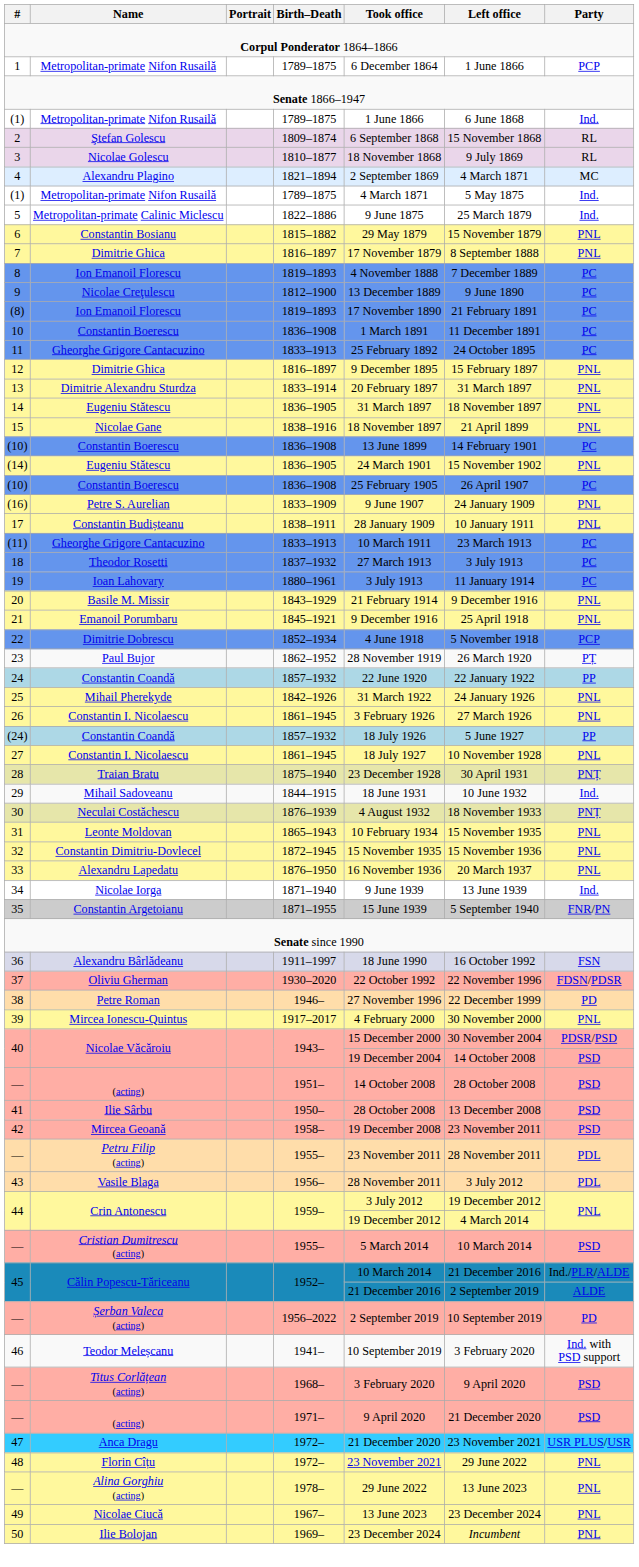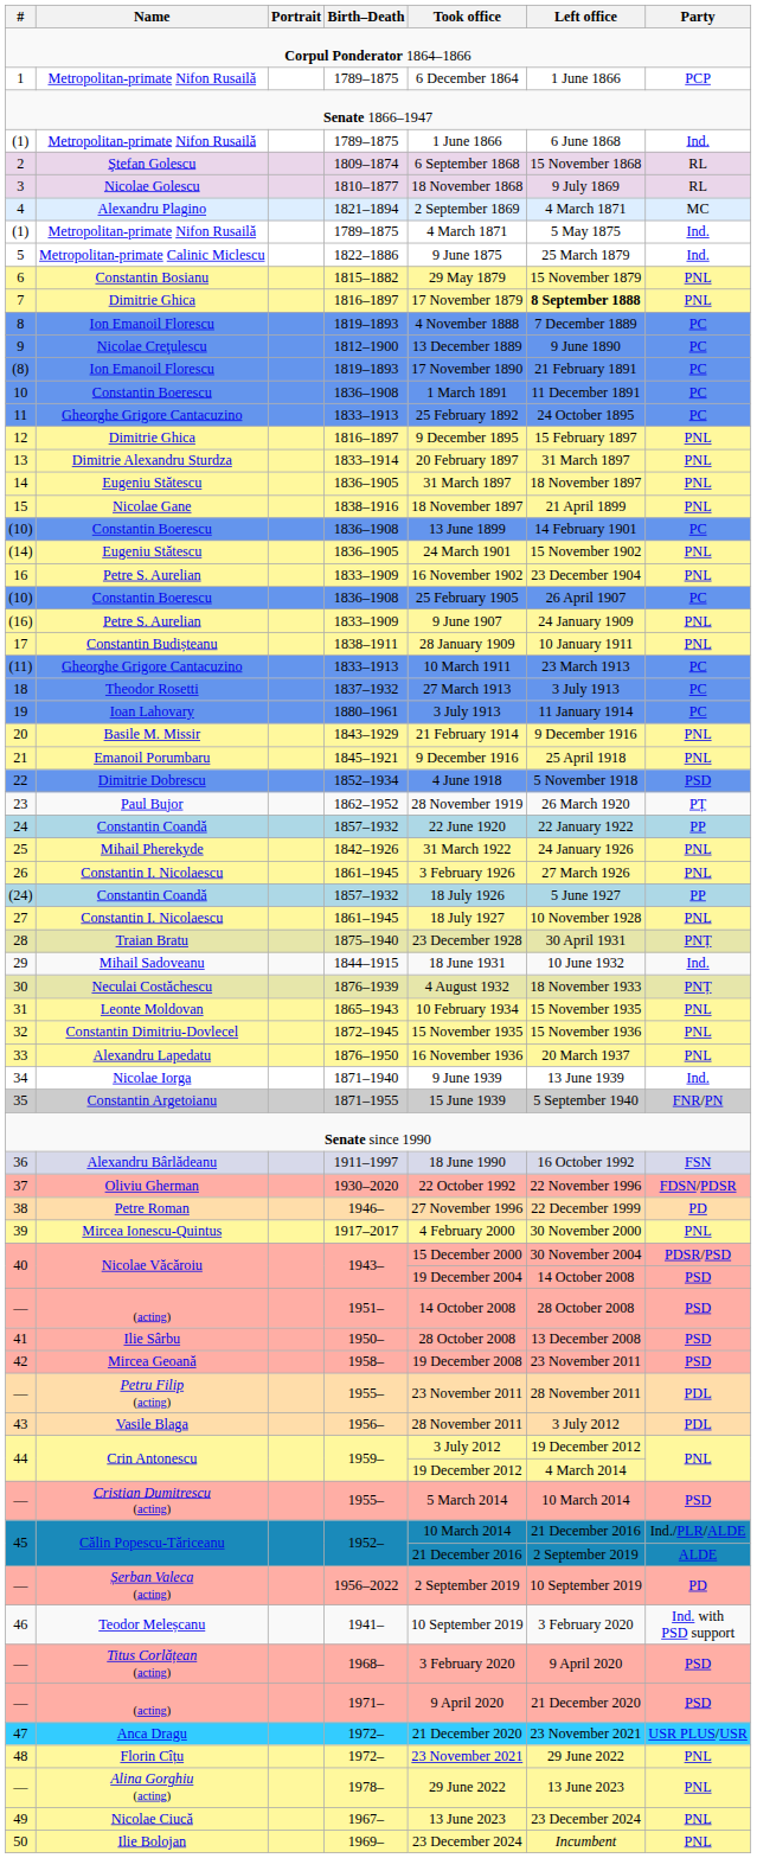 <table class="wikitable" style="text-align:center">
 <tr>
 <th>#</th>
 <th>Name</th>
 <th>Portrait</th>
 <th>Birth–Death</th>
 <th>Took office</th>
 <th>Left office</th>
 <th>Party</th>
 </tr>
 <tr>
 <td colspan=7><br><strong>Corpul Ponderator</strong> 1864–1866</td>
 </tr>
 <tr bgcolor=#FFFFFF>
 <td>1</td>
 <td><a href='#'>Metropolitan-primate</a> <a href='#'>Nifon Rusailă</a></td>
 <td></td>
 <td>1789–1875</td>
 <td>6 December 1864</td>
 <td>1 June 1866</td>
 <td><a href='#'>PCP</a></td>
 </tr>
 <tr>
 <td colspan=7><br><strong>Senate</strong> 1866–1947</td>
 </tr>
 <tr bgcolor=#FFFFFF>
 <td>(1)</td>
 <td><a href='#'>Metropolitan-primate</a> <a href='#'>Nifon Rusailă</a></td>
 <td></td>
 <td>1789–1875</td>
 <td>1 June 1866</td>
 <td>6 June 1868</td>
 <td><a href='#'>Ind.</a></td>
 </tr>
 <tr bgcolor=#EAD6EA>
 <td>2</td>
 <td><a href='#'>Ştefan Golescu</a></td>
 <td></td>
 <td>1809–1874</td>
 <td>6 September 1868</td>
 <td>15 November 1868</td>
 <td>RL</td>
 </tr>
 <tr bgcolor=#EAD6EA>
 <td>3</td>
 <td><a href='#'>Nicolae Golescu</a></td>
 <td></td>
 <td>1810–1877</td>
 <td>18 November 1868</td>
 <td>9 July 1869</td>
 <td>RL</td>
 </tr>
 <tr bgcolor=#DDEEFF>
 <td>4</td>
 <td><a href='#'>Alexandru Plagino</a></td>
 <td></td>
 <td>1821–1894</td>
 <td>2 September 1869</td>
 <td>4 March 1871</td>
 <td>MC</td>
 </tr>
 <tr bgcolor=#FFFFFF>
 <td>(1)</td>
 <td><a href='#'>Metropolitan-primate</a> <a href='#'>Nifon Rusailă</a></td>
 <td></td>
 <td>1789–1875</td>
 <td>4 March 1871</td>
 <td>5 May 1875</td>
 <td><a href='#'>Ind.</a></td>
 </tr>
 <tr bgcolor=#FFFFFF>
 <td>5</td>
 <td><a href='#'>Metropolitan-primate</a> <a href='#'>Calinic Miclescu</a></td>
 <td></td>
 <td>1822–1886</td>
 <td>9 June 1875</td>
 <td>25 March 1879</td>
 <td><a href='#'>Ind.</a></td>
 </tr>
 <tr bgcolor=#FFF89D>
 <td>6</td>
 <td><a href='#'>Constantin Bosianu</a></td>
 <td></td>
 <td>1815–1882</td>
 <td>29 May 1879</td>
 <td>15 November 1879</td>
 <td><a href='#'>PNL</a></td>
 </tr>
 <tr bgcolor=#FFF89D>
 <td>7</td>
 <td><a href='#'>Dimitrie Ghica</a></td>
 <td></td>
 <td>1816–1897</td>
 <td>17 November 1879</td>
-<td>8 September 1888</td>
+<td><strong>8 September 1888</strong></td>
 <td><a href='#'>PNL</a></td>
 </tr>
 <tr bgcolor=#6495ED>
 <td>8</td>
 <td><a href='#'>Ion Emanoil Florescu</a></td>
 <td></td>
 <td>1819–1893</td>
 <td>4 November 1888</td>
 <td>7 December 1889</td>
 <td><a href='#'>PC</a></td>
 </tr>
 <tr bgcolor=#6495ED>
 <td>9</td>
 <td><a href='#'>Nicolae Creţulescu</a></td>
 <td></td>
 <td>1812–1900</td>
 <td>13 December 1889</td>
 <td>9 June 1890</td>
 <td><a href='#'>PC</a></td>
 </tr>
 <tr bgcolor=#6495ED>
 <td>(8)</td>
 <td><a href='#'>Ion Emanoil Florescu</a></td>
 <td></td>
 <td>1819–1893</td>
 <td>17 November 1890</td>
 <td>21 February 1891</td>
 <td><a href='#'>PC</a></td>
 </tr>
 <tr bgcolor=#6495ED>
 <td>10</td>
 <td><a href='#'>Constantin Boerescu</a></td>
 <td></td>
 <td>1836–1908</td>
 <td>1 March 1891</td>
 <td>11 December 1891</td>
 <td><a href='#'>PC</a></td>
 </tr>
 <tr bgcolor=#6495ED>
 <td>11</td>
 <td><a href='#'>Gheorghe Grigore Cantacuzino</a></td>
 <td></td>
 <td>1833–1913</td>
 <td>25 February 1892</td>
 <td>24 October 1895</td>
 <td><a href='#'>PC</a></td>
 </tr>
 <tr bgcolor=#FFF89D>
 <td>12</td>
 <td><a href='#'>Dimitrie Ghica</a></td>
 <td></td>
 <td>1816–1897</td>
 <td>9 December 1895</td>
 <td>15 February 1897</td>
 <td><a href='#'>PNL</a></td>
 </tr>
 <tr bgcolor=#FFF89D>
 <td>13</td>
 <td><a href='#'>Dimitrie Alexandru Sturdza</a></td>
 <td></td>
 <td>1833–1914</td>
 <td>20 February 1897</td>
 <td>31 March 1897</td>
 <td><a href='#'>PNL</a></td>
 </tr>
 <tr bgcolor=#FFF89D>
 <td>14</td>
 <td><a href='#'>Eugeniu Stătescu</a></td>
 <td></td>
 <td>1836–1905</td>
 <td>31 March 1897</td>
 <td>18 November 1897</td>
 <td><a href='#'>PNL</a></td>
 </tr>
 <tr bgcolor=#FFF89D>
 <td>15</td>
 <td><a href='#'>Nicolae Gane</a></td>
 <td></td>
 <td>1838–1916</td>
 <td>18 November 1897</td>
 <td>21 April 1899</td>
 <td><a href='#'>PNL</a></td>
 </tr>
 <tr bgcolor=#6495ED>
 <td>(10)</td>
 <td><a href='#'>Constantin Boerescu</a></td>
 <td></td>
 <td>1836–1908</td>
 <td>13 June 1899</td>
 <td>14 February 1901</td>
 <td><a href='#'>PC</a></td>
 </tr>
 <tr bgcolor=#FFF89D>
 <td>(14)</td>
 <td><a href='#'>Eugeniu Stătescu</a></td>
 <td></td>
 <td>1836–1905</td>
 <td>24 March 1901</td>
 <td>15 November 1902</td>
 <td><a href='#'>PNL</a></td>
 </tr>
+<tr bgcolor=#FFF89D>
+<td>16</td>
+<td><a href='#'>Petre S. Aurelian</a></td>
+<td></td>
+<td>1833–1909</td>
+<td>16 November 1902</td>
+<td>23 December 1904</td>
+<td><a href='#'>PNL</a></td>
+</tr>
 <tr bgcolor=#6495ED>
 <td>(10)</td>
 <td><a href='#'>Constantin Boerescu</a></td>
 <td></td>
 <td>1836–1908</td>
 <td>25 February 1905</td>
 <td>26 April 1907</td>
 <td><a href='#'>PC</a></td>
 </tr>
 <tr bgcolor=#FFF89D>
 <td>(16)</td>
 <td><a href='#'>Petre S. Aurelian</a></td>
 <td></td>
 <td>1833–1909</td>
 <td>9 June 1907</td>
 <td>24 January 1909</td>
 <td><a href='#'>PNL</a></td>
 </tr>
 <tr bgcolor=#FFF89D>
 <td>17</td>
 <td><a href='#'>Constantin Budișteanu</a></td>
 <td></td>
 <td>1838–1911</td>
 <td>28 January 1909</td>
 <td>10 January 1911</td>
 <td><a href='#'>PNL</a></td>
 </tr>
 <tr bgcolor=#6495ED>
 <td>(11)</td>
 <td><a href='#'>Gheorghe Grigore Cantacuzino</a></td>
 <td></td>
 <td>1833–1913</td>
 <td>10 March 1911</td>
 <td>23 March 1913</td>
 <td><a href='#'>PC</a></td>
 </tr>
 <tr bgcolor=#6495ED>
 <td>18</td>
 <td><a href='#'>Theodor Rosetti</a></td>
 <td></td>
 <td>1837–1932</td>
 <td>27 March 1913</td>
 <td>3 July 1913</td>
 <td><a href='#'>PC</a></td>
 </tr>
 <tr bgcolor=#6495ED>
 <td>19</td>
 <td><a href='#'>Ioan Lahovary</a></td>
 <td></td>
 <td>1880–1961</td>
 <td>3 July 1913</td>
 <td>11 January 1914</td>
 <td><a href='#'>PC</a></td>
 </tr>
 <tr bgcolor=#FFF89D>
 <td>20</td>
 <td><a href='#'>Basile M. Missir</a></td>
 <td></td>
 <td>1843–1929</td>
 <td>21 February 1914</td>
 <td>9 December 1916</td>
 <td><a href='#'>PNL</a></td>
 </tr>
 <tr bgcolor=#FFF89D>
 <td>21</td>
 <td><a href='#'>Emanoil Porumbaru</a></td>
 <td></td>
 <td>1845–1921</td>
 <td>9 December 1916</td>
 <td>25 April 1918</td>
 <td><a href='#'>PNL</a></td>
 </tr>
 <tr bgcolor=#6495ED>
 <td>22</td>
 <td><a href='#'>Dimitrie Dobrescu</a></td>
 <td></td>
 <td>1852–1934</td>
 <td>4 June 1918</td>
 <td>5 November 1918</td>
-<td><a href='#'>PCP</a></td>
+<td><a href='#'>PSD</a></td>
 </tr>
 <tr>
 <td>23</td>
 <td><a href='#'>Paul Bujor</a></td>
 <td></td>
 <td>1862–1952</td>
 <td>28 November 1919</td>
 <td>26 March 1920</td>
 <td><a href='#'>PȚ</a></td>
 </tr>
 <tr bgcolor=#ADD8E6>
 <td>24</td>
 <td><a href='#'>Constantin Coandă</a></td>
 <td></td>
 <td>1857–1932</td>
 <td>22 June 1920</td>
 <td>22 January 1922</td>
 <td><a href='#'>PP</a></td>
 </tr>
 <tr bgcolor=#FFF89D>
 <td>25</td>
 <td><a href='#'>Mihail Pherekyde</a></td>
 <td></td>
 <td>1842–1926</td>
 <td>31 March 1922</td>
 <td>24 January 1926</td>
 <td><a href='#'>PNL</a></td>
 </tr>
 <tr bgcolor=#FFF89D>
 <td>26</td>
 <td><a href='#'>Constantin I. Nicolaescu</a></td>
 <td></td>
 <td>1861–1945</td>
 <td>3 February 1926</td>
 <td>27 March 1926</td>
 <td><a href='#'>PNL</a></td>
 </tr>
 <tr bgcolor=#ADD8E6>
 <td>(24)</td>
 <td><a href='#'>Constantin Coandă</a></td>
 <td></td>
 <td>1857–1932</td>
 <td>18 July 1926</td>
 <td>5 June 1927</td>
 <td><a href='#'>PP</a></td>
 </tr>
 <tr bgcolor=#FFF89D>
 <td>27</td>
 <td><a href='#'>Constantin I. Nicolaescu</a></td>
 <td></td>
 <td>1861–1945</td>
 <td>18 July 1927</td>
 <td>10 November 1928</td>
 <td><a href='#'>PNL</a></td>
 </tr>
 <tr bgcolor=#E6E6AA>
 <td>28</td>
 <td><a href='#'>Traian Bratu</a></td>
 <td></td>
 <td>1875–1940</td>
 <td>23 December 1928</td>
 <td>30 April 1931</td>
 <td><a href='#'>PNȚ</a></td>
 </tr>
 <tr>
 <td>29</td>
 <td><a href='#'>Mihail Sadoveanu</a></td>
 <td></td>
 <td>1844–1915</td>
 <td>18 June 1931</td>
 <td>10 June 1932</td>
 <td><a href='#'>Ind.</a></td>
 </tr>
 <tr bgcolor=#E6E6AA>
 <td>30</td>
 <td><a href='#'>Neculai Costăchescu</a></td>
 <td></td>
 <td>1876–1939</td>
 <td>4 August 1932</td>
 <td>18 November 1933</td>
 <td><a href='#'>PNȚ</a></td>
 </tr>
 <tr bgcolor=#FFF89D>
 <td>31</td>
 <td><a href='#'>Leonte Moldovan</a></td>
 <td></td>
 <td>1865–1943</td>
 <td>10 February 1934</td>
 <td>15 November 1935</td>
 <td><a href='#'>PNL</a></td>
 </tr>
 <tr bgcolor=#FFF89D>
 <td>32</td>
 <td><a href='#'>Constantin Dimitriu-Dovlecel</a></td>
 <td></td>
 <td>1872–1945</td>
 <td>15 November 1935</td>
 <td>15 November 1936</td>
 <td><a href='#'>PNL</a></td>
 </tr>
 <tr bgcolor=#FFF89D>
 <td>33</td>
 <td><a href='#'>Alexandru Lapedatu</a></td>
 <td></td>
 <td>1876–1950</td>
 <td>16 November 1936</td>
 <td>20 March 1937</td>
 <td><a href='#'>PNL</a></td>
 </tr>
 <tr bgcolor=#FFFFFF>
 <td>34</td>
 <td><a href='#'>Nicolae Iorga</a></td>
 <td></td>
 <td>1871–1940</td>
 <td>9 June 1939</td>
 <td>13 June 1939</td>
 <td><a href='#'>Ind.</a></td>
 </tr>
 <tr bgcolor=#CCCCCC>
 <td>35</td>
 <td><a href='#'>Constantin Argetoianu</a></td>
 <td></td>
 <td>1871–1955</td>
 <td>15 June 1939</td>
 <td>5 September 1940</td>
 <td><a href='#'>FNR</a>/<a href='#'>PN</a></td>
 </tr>
 <tr>
 <td colspan=7><br><strong>Senate</strong> since 1990</td>
 </tr>
 <tr bgcolor=#D7D9EA>
 <td>36</td>
 <td><a href='#'>Alexandru Bârlădeanu</a></td>
 <td></td>
 <td>1911–1997</td>
 <td>18 June 1990</td>
 <td>16 October 1992</td>
 <td><a href='#'>FSN</a></td>
 </tr>
 <tr bgcolor=#FFAEA5>
 <td>37</td>
 <td><a href='#'>Oliviu Gherman</a></td>
 <td></td>
 <td>1930–2020</td>
 <td>22 October 1992</td>
 <td>22 November 1996</td>
 <td><a href='#'>FDSN</a>/<a href='#'>PDSR</a></td>
 </tr>
 <tr bgcolor=#FFDDAA>
 <td>38</td>
 <td><a href='#'>Petre Roman</a></td>
 <td></td>
 <td>1946–</td>
 <td>27 November 1996</td>
 <td>22 December 1999</td>
 <td><a href='#'>PD</a></td>
 </tr>
 <tr bgcolor=#FFF89D>
 <td>39</td>
 <td><a href='#'>Mircea Ionescu-Quintus</a></td>
 <td></td>
 <td>1917–2017</td>
 <td>4 February 2000</td>
 <td>30 November 2000</td>
 <td><a href='#'>PNL</a></td>
 </tr>
 <tr bgcolor=#FFAEA5>
 <td rowspan=2>40</td>
 <td rowspan=2><a href='#'>Nicolae Văcăroiu</a></td>
 <td rowspan=2></td>
 <td rowspan=2>1943–</td>
 <td>15 December 2000</td>
 <td>30 November 2004</td>
 <td><a href='#'>PDSR</a>/<a href='#'>PSD</a></td>
 </tr>
 <tr bgcolor=#FFAEA5>
 <td>19 December 2004</td>
 <td>14 October 2008</td>
 <td><a href='#'>PSD</a></td>
 </tr>
 <tr bgcolor=#FFAEA5>
 <td>—</td>
 <td><em></em> <br> <small>(<a href='#'>acting</a>)</small></td>
 <td></td>
 <td>1951–</td>
 <td>14 October 2008</td>
 <td>28 October 2008</td>
 <td><a href='#'>PSD</a></td>
 </tr>
 <tr bgcolor=#FFAEA5>
 <td>41</td>
 <td><a href='#'>Ilie Sârbu</a></td>
 <td></td>
 <td>1950–</td>
 <td>28 October 2008</td>
 <td>13 December 2008</td>
 <td><a href='#'>PSD</a></td>
 </tr>
 <tr bgcolor=#FFAEA5>
 <td>42</td>
 <td><a href='#'>Mircea Geoană</a></td>
 <td></td>
 <td>1958–</td>
 <td>19 December 2008</td>
 <td>23 November 2011</td>
 <td><a href='#'>PSD</a></td>
 </tr>
 <tr bgcolor=#FFDDAA>
 <td>—</td>
 <td><em><a href='#'>Petru Filip</a></em> <br> <small>(<a href='#'>acting</a>)</small></td>
 <td></td>
 <td>1955–</td>
 <td>23 November 2011</td>
 <td>28 November 2011</td>
 <td><a href='#'>PDL</a></td>
 </tr>
 <tr bgcolor=#FFDDAA>
 <td>43</td>
 <td><a href='#'>Vasile Blaga</a></td>
 <td></td>
 <td>1956–</td>
 <td>28 November 2011</td>
 <td>3 July 2012</td>
 <td><a href='#'>PDL</a></td>
 </tr>
 <tr bgcolor=#FFF89D>
 <td rowspan=2>44</td>
 <td rowspan=2><a href='#'>Crin Antonescu</a></td>
 <td rowspan=2></td>
 <td rowspan=2>1959–</td>
 <td>3 July 2012</td>
 <td>19 December 2012</td>
 <td rowspan=2><a href='#'>PNL</a></td>
 </tr>
 <tr bgcolor=#FFF89D>
 <td>19 December 2012</td>
 <td>4 March 2014</td>
 </tr>
 <tr bgcolor=#FFAEA5>
 <td>—</td>
 <td><em><a href='#'>Cristian Dumitrescu</a></em> <br> <small>(<a href='#'>acting</a>)</small></td>
 <td></td>
 <td>1955–</td>
 <td>5 March 2014</td>
 <td>10 March 2014</td>
 <td><a href='#'>PSD</a></td>
 </tr>
 <tr bgcolor=#1A8ABA>
 <td rowspan=2>45</td>
 <td rowspan=2><a href='#'>Călin Popescu-Tăriceanu</a></td>
 <td rowspan=2></td>
 <td rowspan=2>1952–</td>
 <td>10 March 2014</td>
 <td>21 December 2016</td>
 <td>Ind./<a href='#'>PLR</a>/<a href='#'>ALDE</a></td>
 </tr>
 <tr bgcolor=#1A8ABA>
 <td>21 December 2016</td>
 <td>2 September 2019</td>
 <td><a href='#'>ALDE</a></td>
 </tr>
 <tr bgcolor=#FFAEA5>
 <td>—</td>
 <td><em><a href='#'>Șerban Valeca</a></em> <br> <small>(<a href='#'>acting</a>)</small></td>
 <td></td>
 <td>1956–2022</td>
 <td>2 September 2019</td>
 <td>10 September 2019</td>
 <td><a href='#'>PD</a></td>
 </tr>
 <tr>
 <td>46</td>
 <td><a href='#'>Teodor Meleșcanu</a></td>
 <td></td>
 <td>1941–</td>
 <td>10 September 2019</td>
 <td>3 February 2020</td>
 <td><a href='#'>Ind.</a> with<br><a href='#'>PSD</a> support</td>
 </tr>
 <tr bgcolor=#FFAEA5>
 <td>—</td>
 <td><em><a href='#'>Titus Corlățean</a></em> <br> <small>(<a href='#'>acting</a>)</small></td>
 <td></td>
 <td>1968–</td>
 <td>3 February 2020</td>
 <td>9 April 2020</td>
 <td><a href='#'>PSD</a></td>
 </tr>
 <tr bgcolor=#FFAEA5>
 <td>—</td>
 <td><em></em> <br> <small>(<a href='#'>acting</a>)</small></td>
 <td></td>
 <td>1971–</td>
 <td>9 April 2020</td>
 <td>21 December 2020</td>
 <td><a href='#'>PSD</a></td>
 </tr>
 <tr>
 <td bgcolor=#33ccff>47</td>
 <td bgcolor=#33ccff><a href='#'>Anca Dragu</a></td>
 <td bgcolor=#33ccff></td>
 <td bgcolor=#33ccff>1972–</td>
 <td bgcolor=#33ccff>21 December 2020</td>
 <td bgcolor=#33ccff>23 November 2021</td>
 <td bgcolor=#33ccff><a href='#'>USR PLUS</a>/<a href='#'>USR</a></td>
 </tr>
 <tr>
 <td bgcolor=#FFF89D>48</td>
 <td bgcolor=#FFF89D><a href='#'>Florin Cîțu</a></td>
 <td bgcolor=#FFF89D></td>
 <td bgcolor=#FFF89D>1972–</td>
 <td bgcolor=#FFF89D><a href='#'>23 November 2021</a></td>
 <td bgcolor=#FFF89D>29 June 2022</td>
 <td bgcolor=#FFF89D><a href='#'>PNL</a></td>
 </tr>
 <tr>
 <td bgcolor=#FFF89D>—</td>
 <td bgcolor=#FFF89D><em><a href='#'>Alina Gorghiu</a></em><br> <small>(<a href='#'>acting</a>)</small></td>
 <td bgcolor=#FFF89D></td>
 <td bgcolor=#FFF89D>1978–</td>
 <td bgcolor=#FFF89D>29 June 2022</td>
 <td bgcolor=#FFF89D>13 June 2023</td>
 <td bgcolor=#FFF89D><a href='#'>PNL</a></td>
 </tr>
 <tr>
 <td bgcolor=#FFF89D>49</td>
 <td bgcolor=#FFF89D><a href='#'>Nicolae Ciucă</a></td>
 <td bgcolor=#FFF89D></td>
 <td bgcolor=#FFF89D>1967–</td>
 <td bgcolor=#FFF89D>13 June 2023</td>
 <td bgcolor=#FFF89D>23 December 2024</td>
 <td bgcolor=#FFF89D><a href='#'>PNL</a></td>
 </tr>
 <tr>
 <td bgcolor=#FFF89D>50</td>
 <td bgcolor=#FFF89D><a href='#'>Ilie Bolojan</a></td>
 <td bgcolor=#FFF89D></td>
 <td bgcolor=#FFF89D>1969–</td>
 <td bgcolor=#FFF89D>23 December 2024</td>
 <td bgcolor=#FFF89D><em>Incumbent</em></td>
 <td bgcolor=#FFF89D><a href='#'>PNL</a></td>
 </tr>
 </table>
